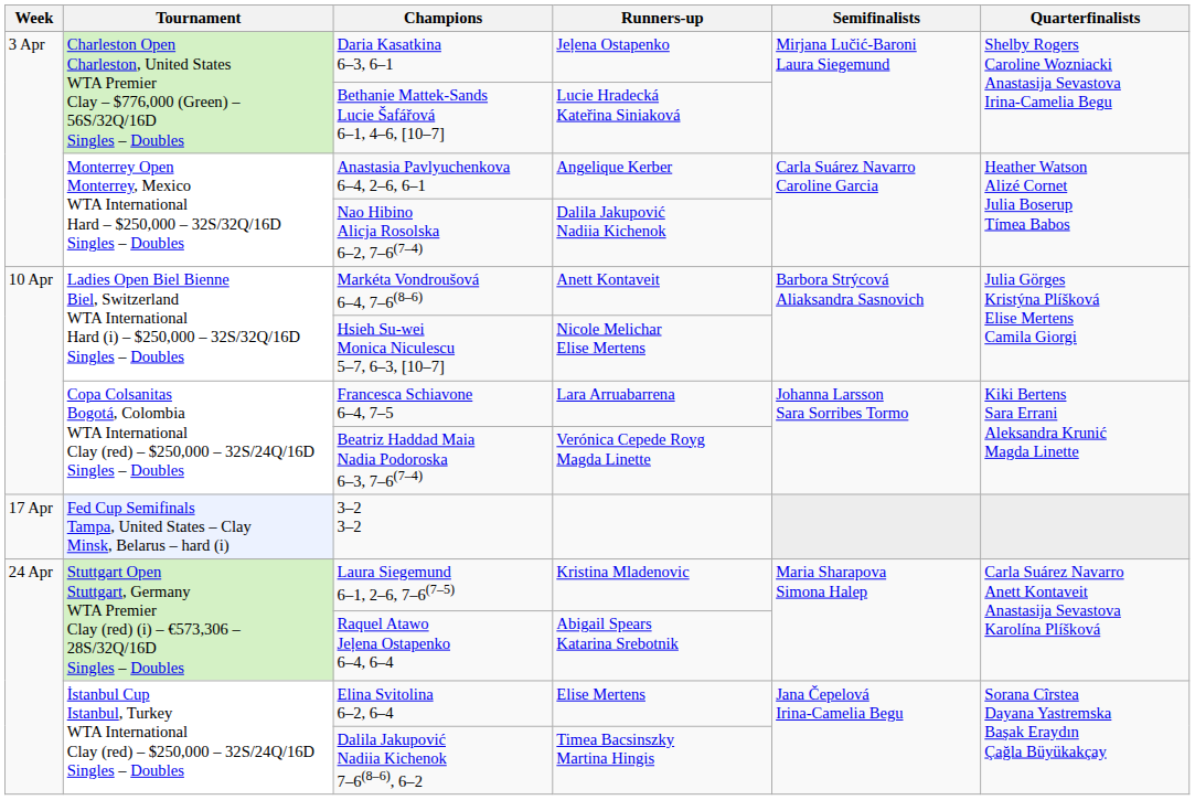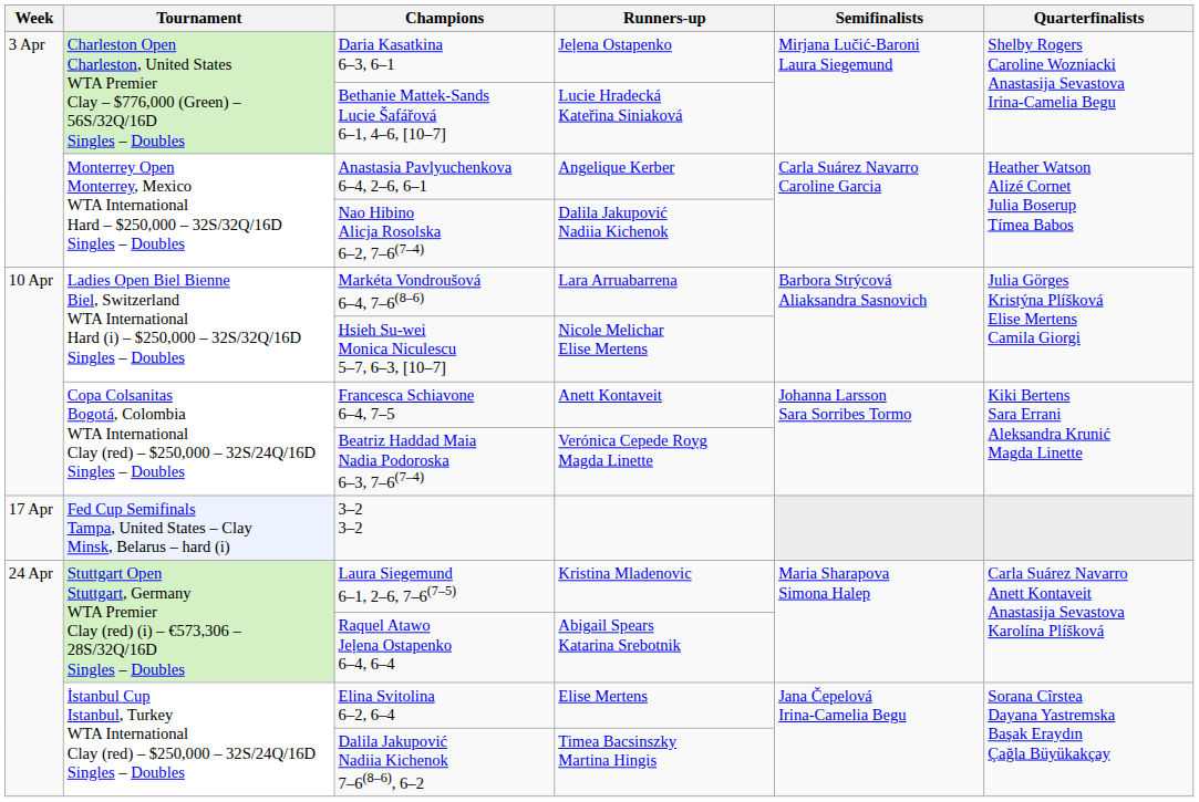 <table class=wikitable style=font-size:95%>
 <tr>
 <th style="width:48px;">Week</th>
 <th style="width:248px;">Tournament</th>
 <th style="width:200px;">Champions</th>
 <th style="width:200px;">Runners-up</th>
 <th style="width:190px;">Semifinalists</th>
 <th style="width:190px;">Quarterfinalists</th>
 </tr>
 <tr valign=top>
 <td rowspan=4>3 Apr</td>
 <td style="background:#D4F1C5;" rowspan="2"><a href='#'>Charleston Open</a><br>   <a href='#'>Charleston</a>, United States<br>WTA Premier<br>Clay – $776,000 (Green) – 56S/32Q/16D<br><a href='#'>Singles</a> – <a href='#'>Doubles</a></td>
 <td> <a href='#'>Daria Kasatkina</a><br> 6–3, 6–1</td>
 <td> <a href='#'>Jeļena Ostapenko</a></td>
 <td rowspan=2> <a href='#'>Mirjana Lučić-Baroni</a> <br>  <a href='#'>Laura Siegemund</a></td>
 <td rowspan=2> <a href='#'>Shelby Rogers</a> <br> <a href='#'>Caroline Wozniacki</a> <br> <a href='#'>Anastasija Sevastova</a><br>  <a href='#'>Irina-Camelia Begu</a></td>
 </tr>
 <tr valign=top>
 <td> <a href='#'>Bethanie Mattek-Sands</a><br> <a href='#'>Lucie Šafářová</a><br>6–1, 4–6, [10–7]</td>
 <td> <a href='#'>Lucie Hradecká</a><br> <a href='#'>Kateřina Siniaková</a></td>
 </tr>
 <tr valign=top>
 <td style="background:#fff;" rowspan="2"><a href='#'>Monterrey Open</a><br> <a href='#'>Monterrey</a>, Mexico<br>WTA International<br>Hard – $250,000 – 32S/32Q/16D<br><a href='#'>Singles</a> – <a href='#'>Doubles</a></td>
 <td> <a href='#'>Anastasia Pavlyuchenkova</a><br>6–4, 2–6, 6–1</td>
 <td> <a href='#'>Angelique Kerber</a></td>
 <td rowspan=2> <a href='#'>Carla Suárez Navarro</a> <br>  <a href='#'>Caroline Garcia</a></td>
 <td rowspan=2> <a href='#'>Heather Watson</a> <br>  <a href='#'>Alizé Cornet</a> <br> <a href='#'>Julia Boserup</a> <br>  <a href='#'>Tímea Babos</a></td>
 </tr>
 <tr valign=top>
 <td> <a href='#'>Nao Hibino</a><br> <a href='#'>Alicja Rosolska</a><br>6–2, 7–6<sup>(7–4)</sup></td>
 <td> <a href='#'>Dalila Jakupović</a><br> <a href='#'>Nadiia Kichenok</a></td>
 </tr>
 <tr valign=top>
 <td rowspan=4>10 Apr</td>
 <td style="background:#fff;" rowspan="2"><a href='#'>Ladies Open Biel Bienne</a><br> <a href='#'>Biel</a>, Switzerland<br>WTA International<br>Hard (i) – $250,000 – 32S/32Q/16D<br><a href='#'>Singles</a> – <a href='#'>Doubles</a></td>
 <td> <a href='#'>Markéta Vondroušová</a> <br> 6–4, 7–6<sup>(8–6)</sup></td>
-<td> <a href='#'>Anett Kontaveit</a></td>
+<td> <a href='#'>Lara Arruabarrena</a></td>
 <td rowspan="2"> <a href='#'>Barbora Strýcová</a> <br>  <a href='#'>Aliaksandra Sasnovich</a></td>
 <td rowspan="2"> <a href='#'>Julia Görges</a><br> <a href='#'>Kristýna Plíšková</a><br> <a href='#'>Elise Mertens</a> <br> <a href='#'>Camila Giorgi</a></td>
 </tr>
 <tr valign=top>
 <td> <a href='#'>Hsieh Su-wei</a> <br>  <a href='#'>Monica Niculescu</a><br> 5–7, 6–3, [10–7]</td>
 <td> <a href='#'>Nicole Melichar</a><br> <a href='#'>Elise Mertens</a></td>
 </tr>
 <tr valign=top>
 <td style="background:#fff;" rowspan="2"><a href='#'>Copa Colsanitas</a><br> <a href='#'>Bogotá</a>, Colombia<br>WTA International<br>Clay (red) – $250,000 – 32S/24Q/16D<br><a href='#'>Singles</a> – <a href='#'>Doubles</a></td>
 <td> <a href='#'>Francesca Schiavone</a><br>6–4, 7–5</td>
-<td> <a href='#'>Lara Arruabarrena</a></td>
+<td> <a href='#'>Anett Kontaveit</a></td>
 <td rowspan=2> <a href='#'>Johanna Larsson</a><br>  <a href='#'>Sara Sorribes Tormo</a></td>
 <td rowspan=2> <a href='#'>Kiki Bertens</a> <br> <a href='#'>Sara Errani</a> <br> <a href='#'>Aleksandra Krunić</a><br>  <a href='#'>Magda Linette</a></td>
 </tr>
 <tr valign=top>
 <td> <a href='#'>Beatriz Haddad Maia</a><br> <a href='#'>Nadia Podoroska</a><br> 6–3, 7–6<sup>(7–4)</sup></td>
 <td> <a href='#'>Verónica Cepede Royg</a><br> <a href='#'>Magda Linette</a></td>
 </tr>
 <tr valign=top>
 <td>17 Apr</td>
 <td style="background:#ecf2ff;"><a href='#'>Fed Cup Semifinals</a><br><a href='#'>Tampa</a>, United States – Clay<br><a href='#'>Minsk</a>, Belarus – hard (i)</td>
 <td> 3–2<br> 3–2</td>
 <td><br></td>
 <td style="background:#ededed;"></td>
 <td style="background:#ededed;"></td>
 </tr>
 <tr valign=top>
 <td rowspan=4>24 Apr</td>
 <td style="background:#D4F1C5;" rowspan="2"><a href='#'>Stuttgart Open</a><br> <a href='#'>Stuttgart</a>, Germany<br>WTA Premier<br>Clay (red) (i) – €573,306 – 28S/32Q/16D<br><a href='#'>Singles</a> – <a href='#'>Doubles</a></td>
 <td> <a href='#'>Laura Siegemund</a> <br> 6–1, 2–6, 7–6<sup>(7–5)</sup></td>
 <td> <a href='#'>Kristina Mladenovic</a></td>
 <td rowspan=2> <a href='#'>Maria Sharapova</a> <br>  <a href='#'>Simona Halep</a></td>
 <td rowspan="2"> <a href='#'>Carla Suárez Navarro</a> <br> <a href='#'>Anett Kontaveit</a><br> <a href='#'>Anastasija Sevastova</a><br>  <a href='#'>Karolína Plíšková</a></td>
 </tr>
 <tr valign=top>
 <td> <a href='#'>Raquel Atawo</a> <br>  <a href='#'>Jeļena Ostapenko</a><br> 6–4, 6–4</td>
 <td> <a href='#'>Abigail Spears</a> <br>  <a href='#'>Katarina Srebotnik</a></td>
 </tr>
 <tr valign=top>
 <td style="background:#fff;" rowspan="2"><a href='#'>İstanbul Cup</a><br> <a href='#'>Istanbul</a>, Turkey<br>WTA International<br>Clay (red) – $250,000 – 32S/24Q/16D<br><a href='#'>Singles</a> – <a href='#'>Doubles</a></td>
 <td> <a href='#'>Elina Svitolina</a> <br> 6–2, 6–4</td>
 <td> <a href='#'>Elise Mertens</a></td>
 <td rowspan=2> <a href='#'>Jana Čepelová</a> <br>  <a href='#'>Irina-Camelia Begu</a></td>
 <td rowspan=2> <a href='#'>Sorana Cîrstea</a> <br> <a href='#'>Dayana Yastremska</a><br> <a href='#'>Başak Eraydın</a> <br>  <a href='#'>Çağla Büyükakçay</a></td>
 </tr>
 <tr valign=top>
 <td> <a href='#'>Dalila Jakupović</a><br> <a href='#'>Nadiia Kichenok</a><br> 7–6<sup>(8–6)</sup>, 6–2</td>
 <td> <a href='#'>Timea Bacsinszky</a> <br>  <a href='#'>Martina Hingis</a></td>
 </tr>
 </table>
